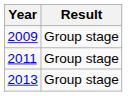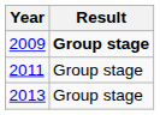 <table class="wikitable">
 <tr>
 <th>Year</th>
 <th>Result</th>
 </tr>
 <tr>
 <td> <a href='#'>2009</a></td>
-<td>Group stage</td>
+<td><strong>Group stage</strong></td>
 </tr>
 <tr>
 <td> <a href='#'>2011</a></td>
 <td>Group stage</td>
 </tr>
 <tr>
 <td> <a href='#'>2013</a></td>
 <td>Group stage</td>
 </tr>
 </table>
